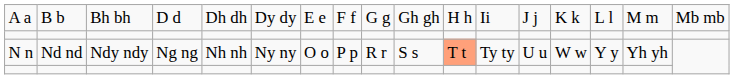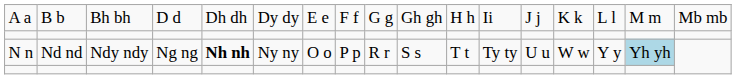 <table class="wikitable">
 <tr>
 <td>A a</td>
 <td>B b</td>
 <td>Bh bh</td>
 <td>D d</td>
 <td>Dh dh</td>
 <td>Dy dy</td>
 <td>E e</td>
 <td>F f</td>
 <td>G g</td>
 <td>Gh gh</td>
 <td>H h</td>
 <td>Ii</td>
 <td>J j</td>
 <td>K k</td>
 <td>L l</td>
 <td>M m</td>
 <td>Mb mb</td>
 </tr>
 <tr>
 <td></td>
 <td></td>
 <td></td>
 <td></td>
 <td></td>
 <td></td>
 <td></td>
 <td></td>
 <td></td>
 <td></td>
 <td></td>
 <td></td>
 <td></td>
 <td></td>
 <td></td>
 <td></td>
 <td></td>
 </tr>
 <tr>
 <td>N n</td>
 <td>Nd nd</td>
 <td>Ndy ndy</td>
 <td>Ng ng</td>
-<td>Nh nh</td>
+<td><strong>Nh nh</strong></td>
 <td>Ny ny</td>
 <td>O o</td>
 <td>P p</td>
 <td>R r</td>
 <td>S s</td>
-<td style="background: lightsalmon;">T t</td>
+<td>T t</td>
 <td>Ty ty</td>
 <td>U u</td>
 <td>W w</td>
 <td>Y y</td>
-<td>Yh yh</td>
+<td style="background: lightblue;">Yh yh</td>
 </tr>
 <tr>
 <td></td>
 <td></td>
 <td></td>
 <td></td>
 <td></td>
 <td></td>
 <td></td>
 <td></td>
 <td></td>
 <td></td>
 <td></td>
 <td></td>
 <td></td>
 <td></td>
 <td></td>
 <td></td>
 </tr>
 </table>
